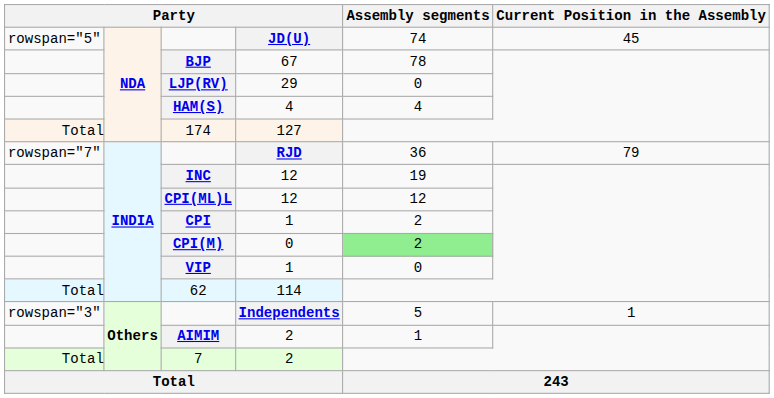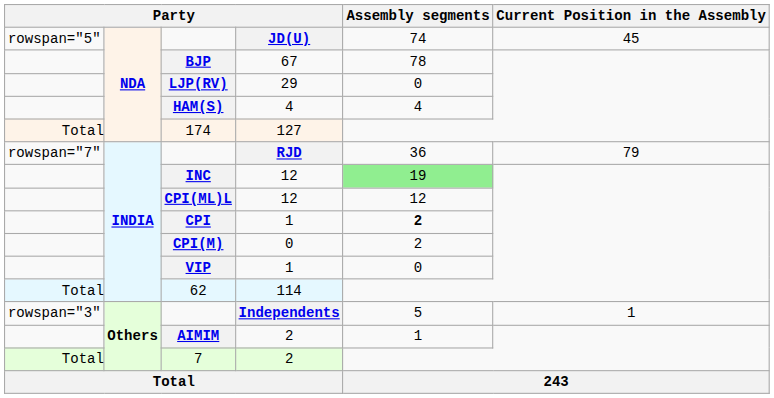 <table class="wikitable" style="text-align:center">
 <tr>
 <th colspan=4>Party</th>
 <th>Assembly segments</th>
 <th>Current Position in the Assembly</th>
 </tr>
 <tr>
 <td>rowspan="5" </td>
 <th rowspan="5"style="background:#fef3e8"><a href='#'>NDA</a></th>
 <td></td>
 <th><a href='#'>JD(U)</a></th>
 <td>74</td>
 <td>45</td>
 </tr>
 <tr>
 <td></td>
 <th><a href='#'>BJP</a></th>
 <td>67</td>
 <td>78</td>
 </tr>
 <tr>
 <td></td>
 <th><a href='#'>LJP(RV)</a></th>
 <td>29</td>
 <td>0</td>
 </tr>
 <tr>
 <td></td>
 <th><a href='#'>HAM(S)</a></th>
 <td>4</td>
 <td>4</td>
 </tr>
 <tr>
 <td colspan="2"style="background:#fef3e8">Total</td>
 <td style="background:#fef3e8">174</td>
 <td style="background:#fef3e8">127</td>
 </tr>
 <tr>
 <td>rowspan="7" </td>
 <th rowspan="7"style="background:#E5F8FF"><a href='#'>INDIA</a></th>
 <td></td>
 <th><a href='#'>RJD</a></th>
 <td>36</td>
 <td>79</td>
 </tr>
 <tr>
 <td></td>
 <th><a href='#'>INC</a></th>
 <td>12</td>
-<td>19</td>
+<td style="background: lightgreen;">19</td>
 </tr>
 <tr>
 <td></td>
 <th><a href='#'>CPI(ML)L</a></th>
 <td>12</td>
 <td>12</td>
 </tr>
 <tr>
 <td></td>
 <th><a href='#'>CPI</a></th>
 <td>1</td>
-<td>2</td>
+<td><strong>2</strong></td>
 </tr>
 <tr>
 <td></td>
 <th><a href='#'>CPI(M)</a></th>
 <td>0</td>
-<td style="background: lightgreen;">2</td>
+<td>2</td>
 </tr>
 <tr>
 <td></td>
 <th><a href='#'>VIP</a></th>
 <td>1</td>
 <td>0</td>
 </tr>
 <tr>
 <td colspan="2"style="background:#E5F8FF">Total</td>
 <td style="background:#E5F8FF">62</td>
 <td style="background:#E5F8FF">114</td>
 </tr>
 <tr>
 <td>rowspan="3" </td>
 <th rowspan="3"style="background:#E5FFDA">Others</th>
 <td></td>
 <th><a href='#'>Independents</a></th>
 <td>5</td>
 <td>1</td>
 </tr>
 <tr>
 <td></td>
 <th><a href='#'>AIMIM</a></th>
 <td>2</td>
 <td>1</td>
 </tr>
 <tr>
 <td colspan="2"style="background:#E5FFDA">Total</td>
 <td style="background:#E5FFDA">7</td>
 <td style="background:#E5FFDA">2</td>
 </tr>
 <tr>
 <th colspan="4">Total</th>
 <th colspan=2>243</th>
 </tr>
 </table>
